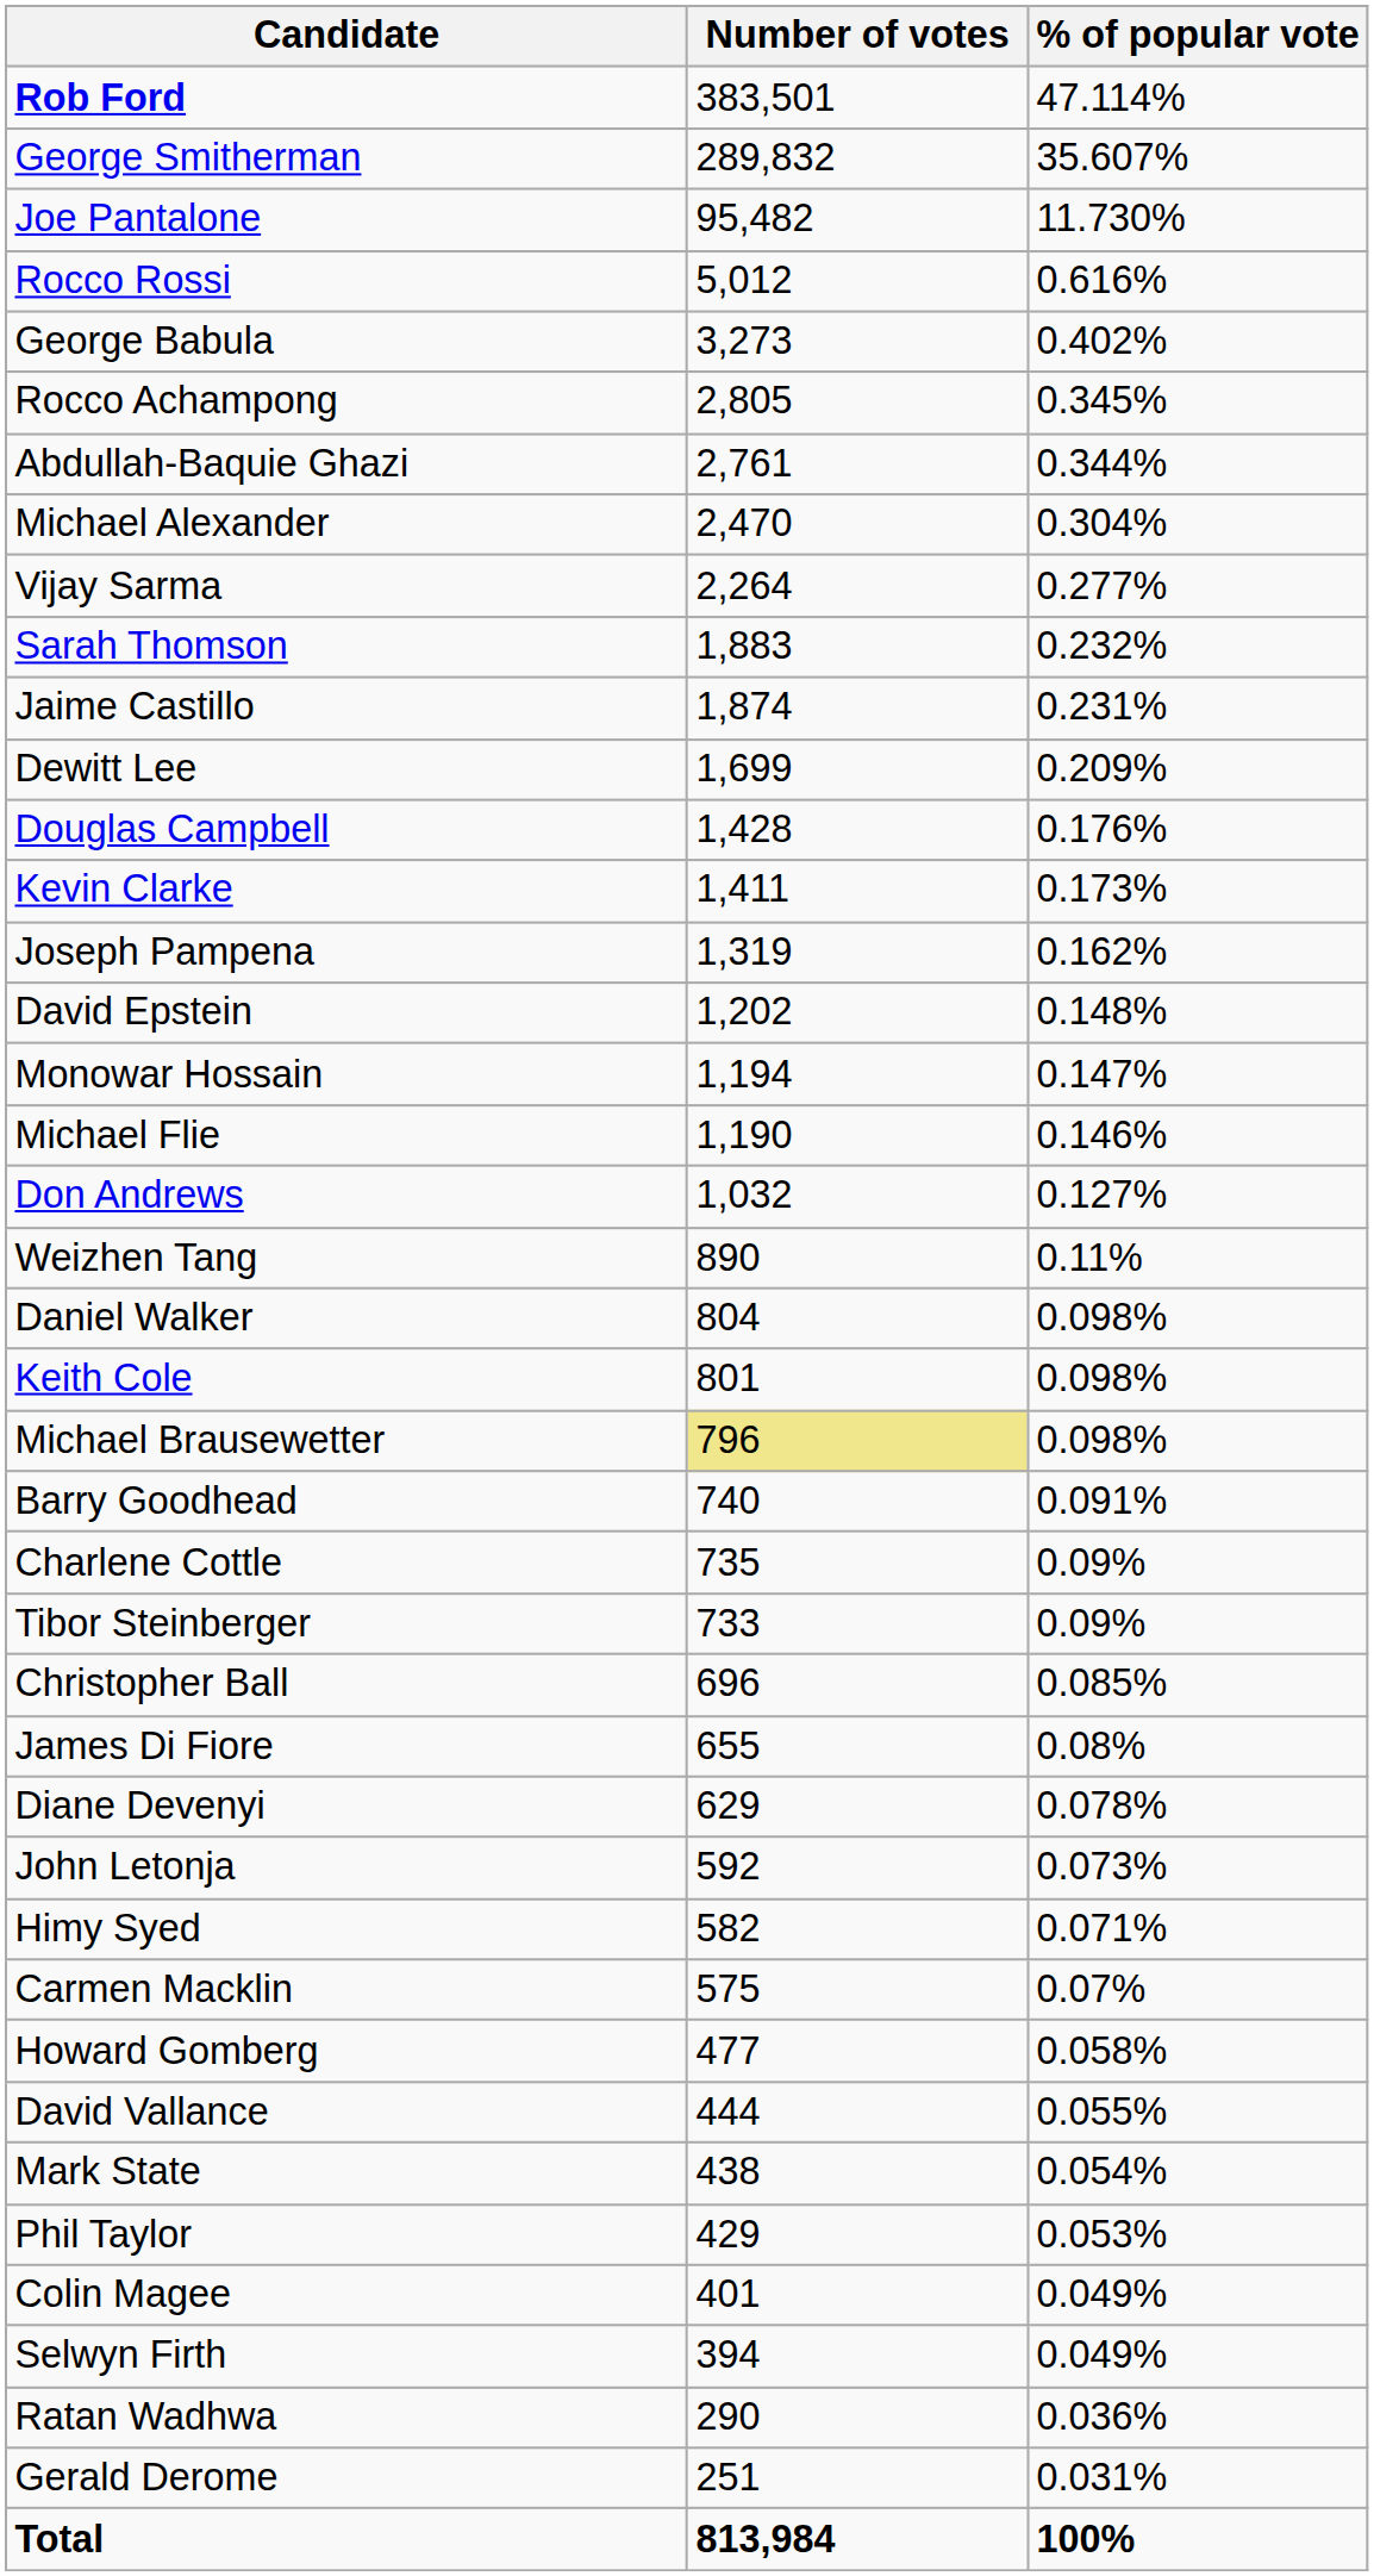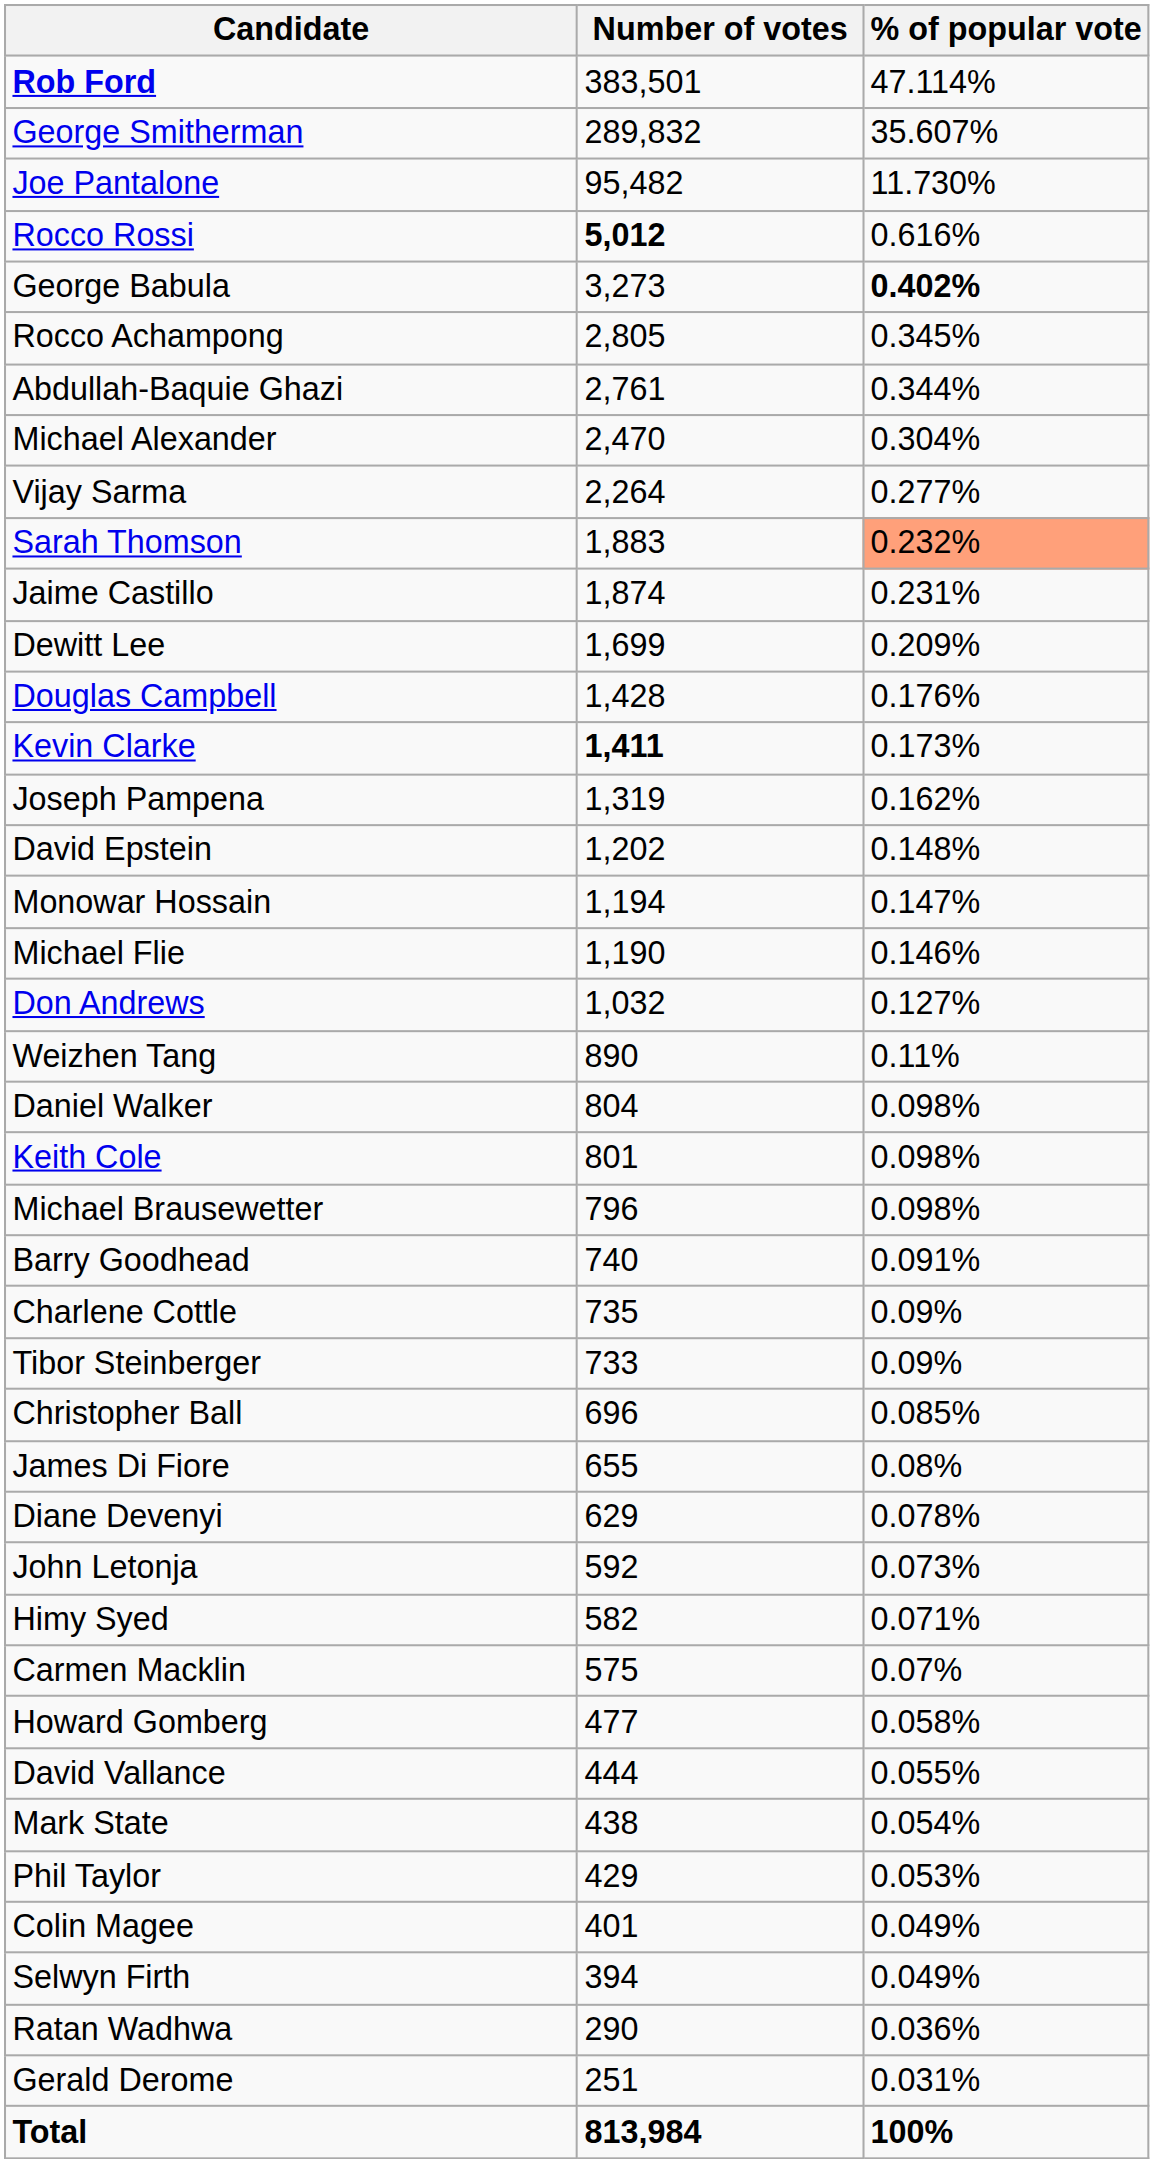 <table class="wikitable sortable">
 <tr style="background-color:#E9E9E9">
 <th width=50%>Candidate</th>
 <th width=25%>Number of votes</th>
 <th width=25%>% of popular vote</th>
 </tr>
 <tr>
 <td><strong><a href='#'>Rob Ford</a></strong></td>
 <td>383,501</td>
 <td>47.114%</td>
 </tr>
 <tr>
 <td><a href='#'>George Smitherman</a></td>
 <td>289,832</td>
 <td>35.607%</td>
 </tr>
 <tr>
 <td><a href='#'>Joe Pantalone</a></td>
 <td>95,482</td>
 <td>11.730%</td>
 </tr>
 <tr>
 <td><a href='#'>Rocco Rossi</a></td>
-<td>5,012</td>
+<td><strong>5,012</strong></td>
 <td>0.616%</td>
 </tr>
 <tr>
 <td>George Babula</td>
 <td>3,273</td>
-<td>0.402%</td>
+<td><strong>0.402%</strong></td>
 </tr>
 <tr>
 <td>Rocco Achampong</td>
 <td>2,805</td>
 <td>0.345%</td>
 </tr>
 <tr>
 <td>Abdullah-Baquie Ghazi</td>
 <td>2,761</td>
 <td>0.344%</td>
 </tr>
 <tr>
 <td>Michael Alexander</td>
 <td>2,470</td>
 <td>0.304%</td>
 </tr>
 <tr>
 <td>Vijay Sarma</td>
 <td>2,264</td>
 <td>0.277%</td>
 </tr>
 <tr>
 <td><a href='#'>Sarah Thomson</a></td>
 <td>1,883</td>
-<td>0.232%</td>
+<td style="background: lightsalmon;">0.232%</td>
 </tr>
 <tr>
 <td>Jaime Castillo</td>
 <td>1,874</td>
 <td>0.231%</td>
 </tr>
 <tr>
 <td>Dewitt Lee</td>
 <td>1,699</td>
 <td>0.209%</td>
 </tr>
 <tr>
 <td><a href='#'>Douglas Campbell</a></td>
 <td>1,428</td>
 <td>0.176%</td>
 </tr>
 <tr>
 <td><a href='#'>Kevin Clarke</a></td>
-<td>1,411</td>
+<td><strong>1,411</strong></td>
 <td>0.173%</td>
 </tr>
 <tr>
 <td>Joseph Pampena</td>
 <td>1,319</td>
 <td>0.162%</td>
 </tr>
 <tr>
 <td>David Epstein</td>
 <td>1,202</td>
 <td>0.148%</td>
 </tr>
 <tr>
 <td>Monowar Hossain</td>
 <td>1,194</td>
 <td>0.147%</td>
 </tr>
 <tr>
 <td>Michael Flie</td>
 <td>1,190</td>
 <td>0.146%</td>
 </tr>
 <tr>
 <td><a href='#'>Don Andrews</a></td>
 <td>1,032</td>
 <td>0.127%</td>
 </tr>
 <tr>
 <td>Weizhen Tang</td>
 <td>890</td>
 <td>0.11%</td>
 </tr>
 <tr>
 <td>Daniel Walker</td>
 <td>804</td>
 <td>0.098%</td>
 </tr>
 <tr>
 <td><a href='#'>Keith Cole</a></td>
 <td>801</td>
 <td>0.098%</td>
 </tr>
 <tr>
 <td>Michael Brausewetter</td>
-<td style="background: khaki;">796</td>
+<td>796</td>
 <td>0.098%</td>
 </tr>
 <tr>
 <td>Barry Goodhead</td>
 <td>740</td>
 <td>0.091%</td>
 </tr>
 <tr>
 <td>Charlene Cottle</td>
 <td>735</td>
 <td>0.09%</td>
 </tr>
 <tr>
 <td>Tibor Steinberger</td>
 <td>733</td>
 <td>0.09%</td>
 </tr>
 <tr>
 <td>Christopher Ball</td>
 <td>696</td>
 <td>0.085%</td>
 </tr>
 <tr>
 <td>James Di Fiore</td>
 <td>655</td>
 <td>0.08%</td>
 </tr>
 <tr>
 <td>Diane Devenyi</td>
 <td>629</td>
 <td>0.078%</td>
 </tr>
 <tr>
 <td>John Letonja</td>
 <td>592</td>
 <td>0.073%</td>
 </tr>
 <tr>
 <td>Himy Syed</td>
 <td>582</td>
 <td>0.071%</td>
 </tr>
 <tr>
 <td>Carmen Macklin</td>
 <td>575</td>
 <td>0.07%</td>
 </tr>
 <tr>
 <td>Howard Gomberg</td>
 <td>477</td>
 <td>0.058%</td>
 </tr>
 <tr>
 <td>David Vallance</td>
 <td>444</td>
 <td>0.055%</td>
 </tr>
 <tr>
 <td>Mark State</td>
 <td>438</td>
 <td>0.054%</td>
 </tr>
 <tr>
 <td>Phil Taylor</td>
 <td>429</td>
 <td>0.053%</td>
 </tr>
 <tr>
 <td>Colin Magee</td>
 <td>401</td>
 <td>0.049%</td>
 </tr>
 <tr>
 <td>Selwyn Firth</td>
 <td>394</td>
 <td>0.049%</td>
 </tr>
 <tr>
 <td>Ratan Wadhwa</td>
 <td>290</td>
 <td>0.036%</td>
 </tr>
 <tr>
 <td>Gerald Derome</td>
 <td>251</td>
 <td>0.031%</td>
 </tr>
 <tr>
 <td><strong>Total</strong></td>
 <td><strong>813,984</strong></td>
 <td><strong>100%</strong></td>
 </tr>
 </table>
